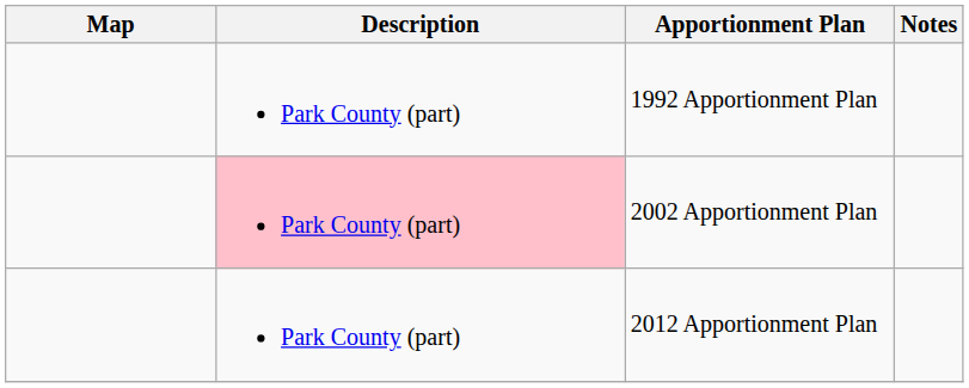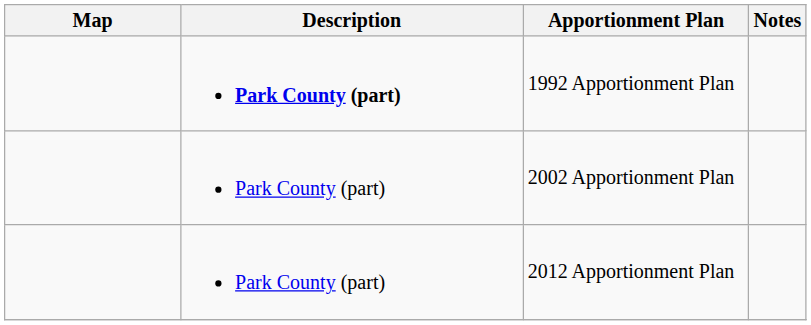 <table class="wikitable sortable">
 <tr>
 <th style="width:100pt;">Map</th>
 <th style="width:200pt;">Description</th>
 <th style="width:130pt;">Apportionment Plan</th>
 <th style="width:15pt;">Notes</th>
 </tr>
 <tr>
 <td></td>
-<td><br><ul><li><a href='#'>Park County</a> (part)</li></ul></td>
+<td><strong><br><ul><li><a href='#'>Park County</a> (part)</li></ul></strong></td>
 <td>1992 Apportionment Plan</td>
 <td></td>
 </tr>
 <tr>
 <td></td>
-<td style="background: pink;"><br><ul><li><a href='#'>Park County</a> (part)</li></ul></td>
+<td><br><ul><li><a href='#'>Park County</a> (part)</li></ul></td>
 <td>2002 Apportionment Plan</td>
 <td></td>
 </tr>
 <tr>
 <td></td>
 <td><br><ul><li><a href='#'>Park County</a> (part)</li></ul></td>
 <td>2012 Apportionment Plan</td>
 <td></td>
 </tr>
 <tr>
 </tr>
 </table>
